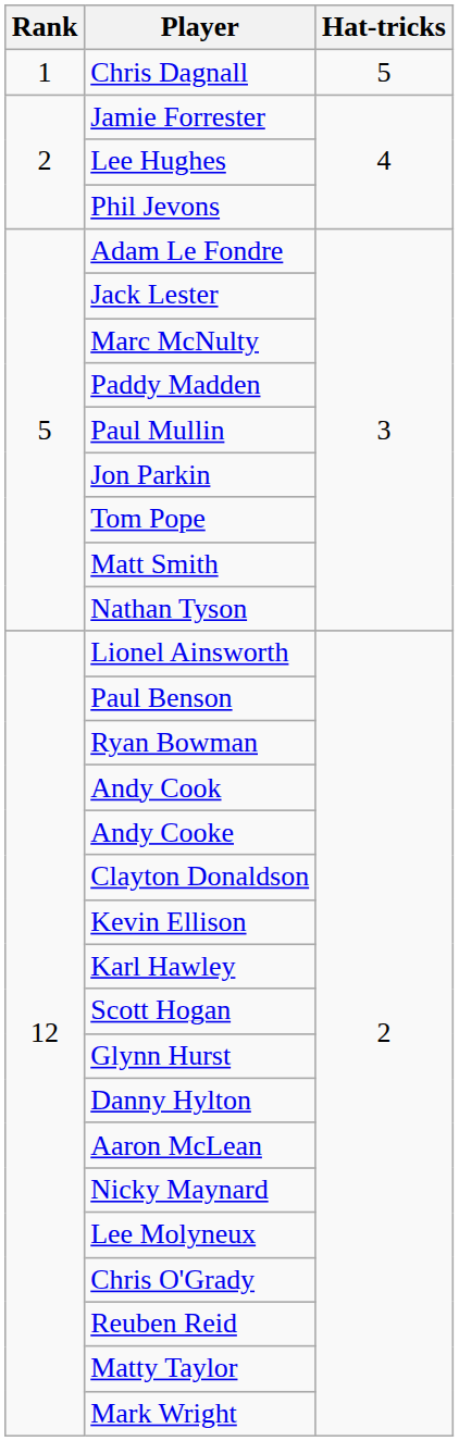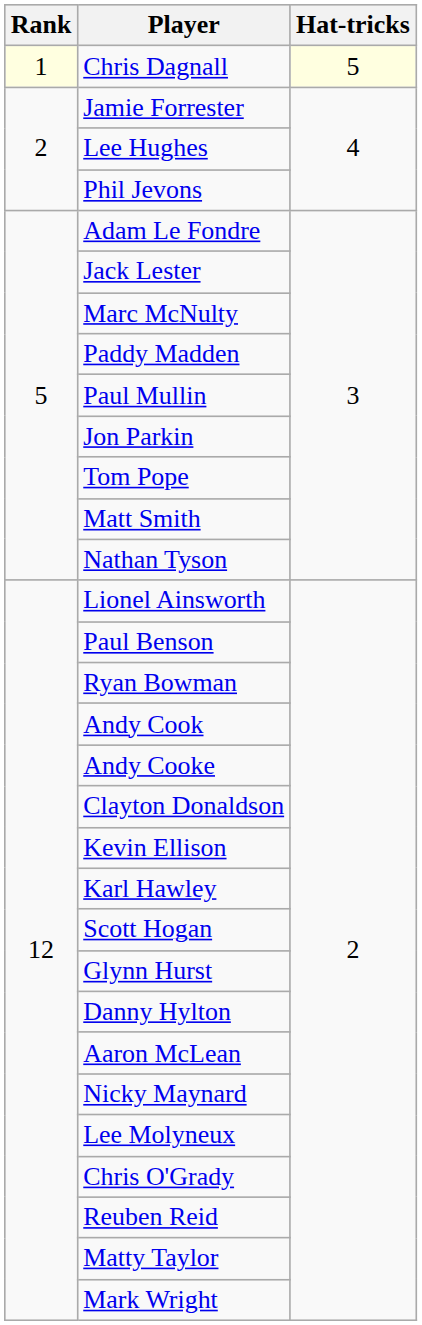 <table class="wikitable">
 <tr>
 <th>Rank</th>
 <th>Player</th>
 <th>Hat-tricks</th>
 </tr>
 <tr>
-<td align=center rowspan="1">1</td>
+<td align=center rowspan="1" style="background: lightyellow;">1</td>
 <td> <a href='#'>Chris Dagnall</a></td>
-<td align=center rowspan="1">5</td>
+<td align=center rowspan="1" style="background: lightyellow;">5</td>
 </tr>
 <tr>
 <td align=center rowspan="3">2</td>
 <td> <a href='#'>Jamie Forrester</a></td>
 <td align=center rowspan="3">4</td>
 </tr>
 <tr>
 <td> <a href='#'>Lee Hughes</a></td>
 </tr>
 <tr>
 <td> <a href='#'>Phil Jevons</a></td>
 </tr>
 <tr>
 <td rowspan="9" align="center">5</td>
 <td> <a href='#'>Adam Le Fondre</a></td>
 <td rowspan="9" align="center">3</td>
 </tr>
 <tr>
 <td> <a href='#'>Jack Lester</a></td>
 </tr>
 <tr>
 <td> <a href='#'>Marc McNulty</a></td>
 </tr>
 <tr>
 <td> <a href='#'>Paddy Madden</a></td>
 </tr>
 <tr>
 <td> <a href='#'>Paul Mullin</a></td>
 </tr>
 <tr>
 <td> <a href='#'>Jon Parkin</a></td>
 </tr>
 <tr>
 <td> <a href='#'>Tom Pope</a></td>
 </tr>
 <tr>
 <td> <a href='#'>Matt Smith</a></td>
 </tr>
 <tr>
 <td> <a href='#'>Nathan Tyson</a></td>
 </tr>
 <tr>
 <td rowspan="20" align="center">12</td>
 <td> <a href='#'>Lionel Ainsworth</a></td>
 <td rowspan="20" align="center">2</td>
 </tr>
 <tr>
 <td> <a href='#'>Paul Benson</a></td>
 </tr>
 <tr>
 <td> <a href='#'>Ryan Bowman</a></td>
 </tr>
 <tr>
 <td> <a href='#'>Andy Cook</a></td>
 </tr>
 <tr>
 <td> <a href='#'>Andy Cooke</a></td>
 </tr>
 <tr>
 <td> <a href='#'>Clayton Donaldson</a></td>
 </tr>
 <tr>
 <td> <a href='#'>Kevin Ellison</a></td>
 </tr>
 <tr>
 <td> <a href='#'>Karl Hawley</a></td>
 </tr>
 <tr>
 <td> <a href='#'>Scott Hogan</a></td>
 </tr>
 <tr>
 <td> <a href='#'>Glynn Hurst</a></td>
 </tr>
 <tr>
 <td> <a href='#'>Danny Hylton</a></td>
 </tr>
 <tr>
 <td> <a href='#'>Aaron McLean</a></td>
 </tr>
 <tr>
 <td> <a href='#'>Nicky Maynard</a></td>
 </tr>
 <tr>
 <td> <a href='#'>Lee Molyneux</a></td>
 </tr>
 <tr>
 <td> <a href='#'>Chris O'Grady</a></td>
 </tr>
 <tr>
 <td> <a href='#'>Reuben Reid</a></td>
 </tr>
 <tr>
 <td> <a href='#'>Matty Taylor</a></td>
 </tr>
 <tr>
 <td> <a href='#'>Mark Wright</a></td>
 </tr>
 </table>
